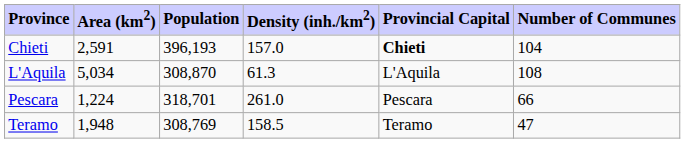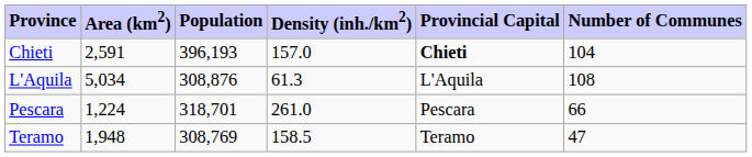 <table class="wikitable centered">
 <tr>
 <th style="background:#ccf;">Province</th>
 <th style="background:#ccf;">Area (km<sup>2</sup>)</th>
 <th style="background:#ccf;">Population</th>
 <th style="background:#ccf;">Density (inh./km<sup>2</sup>)</th>
 <th style="background:#ccf;">Provincial Capital</th>
 <th style="background:#ccf;">Number of Communes</th>
 </tr>
 <tr>
 <td><a href='#'>Chieti</a></td>
 <td>2,591</td>
 <td>396,193</td>
 <td>157.0</td>
 <td><strong>Chieti</strong></td>
 <td>104</td>
 </tr>
 <tr>
 <td><a href='#'>L'Aquila</a></td>
 <td>5,034</td>
-<td>308,870</td>
+<td>308,876</td>
 <td>61.3</td>
 <td>L'Aquila</td>
 <td>108</td>
 </tr>
 <tr>
 <td><a href='#'>Pescara</a></td>
 <td>1,224</td>
 <td>318,701</td>
 <td>261.0</td>
 <td>Pescara</td>
 <td>66</td>
 </tr>
 <tr>
 <td><a href='#'>Teramo</a></td>
 <td>1,948</td>
 <td>308,769</td>
 <td>158.5</td>
 <td>Teramo</td>
 <td>47</td>
 </tr>
 </table>
